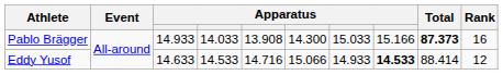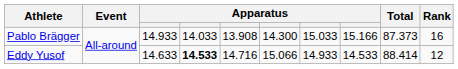 <table class="wikitable" style="font-size:90%">
 <tr>
 <th rowspan=2>Athlete</th>
 <th rowspan=2>Event</th>
 <th colspan =6>Apparatus</th>
 <th rowspan=2>Total</th>
 <th rowspan=2>Rank</th>
 </tr>
 <tr style="font-size:95%">
 <th></th>
 <th></th>
 <th></th>
 <th></th>
 <th></th>
 <th></th>
 </tr>
 <tr align=center>
 <td align=left><a href='#'>Pablo Brägger</a></td>
 <td align=left rowspan=2><a href='#'>All-around</a></td>
 <td>14.933</td>
 <td>14.033</td>
 <td>13.908</td>
 <td>14.300</td>
 <td>15.033</td>
 <td>15.166</td>
-<td><strong>87.373</strong></td>
+<td>87.373</td>
 <td>16</td>
 </tr>
 <tr align=center>
 <td align=left><a href='#'>Eddy Yusof</a></td>
 <td>14.633</td>
-<td>14.533</td>
+<td><strong>14.533</strong></td>
 <td>14.716</td>
 <td>15.066</td>
 <td>14.933</td>
-<td><strong>14.533</strong></td>
+<td>14.533</td>
 <td>88.414</td>
 <td>12</td>
 </tr>
 </table>
